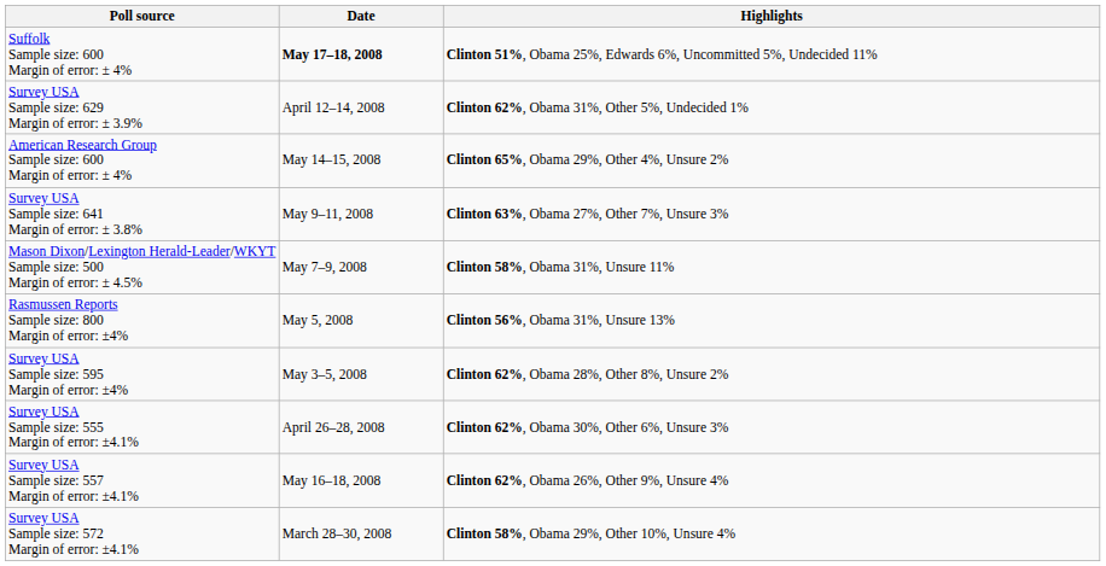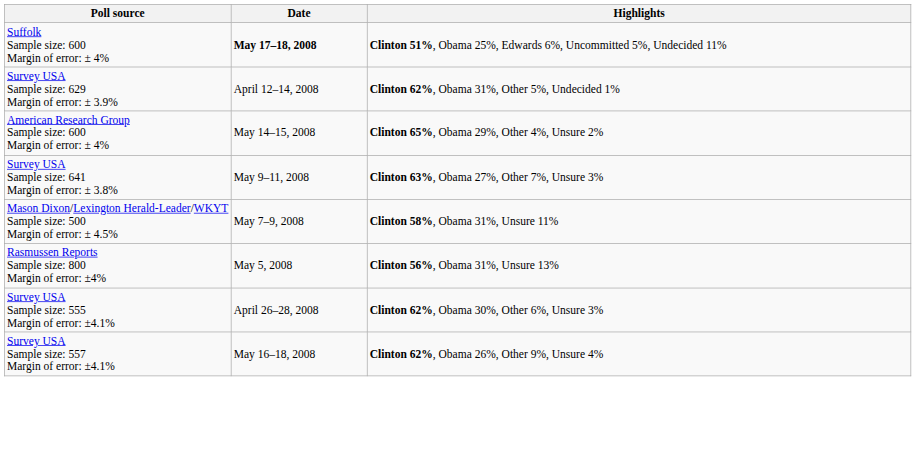 <table class="wikitable sortable">
 <tr>
 <th width="25%">Poll source</th>
 <th width="15%">Date</th>
 <th width="60%">Highlights</th>
 </tr>
 <tr>
 <td><a href='#'>Suffolk</a><br>Sample size: 600<br> Margin of error: ± 4%</td>
 <td><strong>May 17–18, 2008</strong></td>
 <td><strong>Clinton 51%</strong>, Obama 25%, Edwards 6%, Uncommitted 5%, Undecided 11%</td>
 </tr>
 <tr>
 <td><a href='#'>Survey USA</a><br>Sample size: 629<br> Margin of error: ± 3.9%</td>
 <td>April 12–14, 2008</td>
 <td><strong>Clinton 62%</strong>, Obama 31%, Other 5%, Undecided 1%</td>
 </tr>
 <tr>
 <td><a href='#'>American Research Group</a><br>Sample size: 600<br> Margin of error: ± 4%</td>
 <td>May 14–15, 2008</td>
 <td><strong>Clinton 65%</strong>, Obama 29%, Other 4%, Unsure 2%</td>
 </tr>
 <tr>
 <td><a href='#'>Survey USA</a><br>Sample size: 641<br> Margin of error: ± 3.8%</td>
 <td>May 9–11, 2008</td>
 <td><strong>Clinton 63%</strong>, Obama 27%, Other 7%, Unsure 3%</td>
 </tr>
 <tr>
 <td><a href='#'>Mason Dixon</a>/<a href='#'>Lexington Herald-Leader</a>/<a href='#'>WKYT</a><br>Sample size: 500<br> Margin of error: ± 4.5%</td>
 <td>May 7–9, 2008</td>
 <td><strong>Clinton 58%</strong>, Obama 31%, Unsure 11%</td>
 </tr>
 <tr>
 <td><a href='#'>Rasmussen Reports</a><br>Sample size: 800<br> Margin of error: ±4%</td>
 <td>May 5, 2008</td>
 <td><strong>Clinton 56%</strong>, Obama 31%, Unsure 13%</td>
 </tr>
 <tr>
-<td><a href='#'>Survey USA</a><br>Sample size: 595<br> Margin of error: ±4%</td>
-<td>May 3–5, 2008</td>
-<td><strong>Clinton 62%</strong>, Obama 28%, Other 8%, Unsure 2%</td>
-</tr>
-<tr>
 <td><a href='#'>Survey USA</a><br>Sample size: 555<br> Margin of error: ±4.1%</td>
 <td>April 26–28, 2008</td>
 <td><strong>Clinton 62%</strong>, Obama 30%, Other 6%, Unsure 3%</td>
 </tr>
 <tr>
 <td><a href='#'>Survey USA</a><br>Sample size: 557<br> Margin of error: ±4.1%</td>
 <td>May 16–18, 2008</td>
 <td><strong>Clinton 62%</strong>, Obama 26%, Other 9%, Unsure 4%</td>
 </tr>
-<tr>
-<td><a href='#'>Survey USA</a><br>Sample size: 572<br> Margin of error: ±4.1%</td>
-<td>March 28–30, 2008</td>
-<td><strong>Clinton 58%</strong>, Obama 29%, Other 10%, Unsure 4%</td>
-</tr>
 </table>
